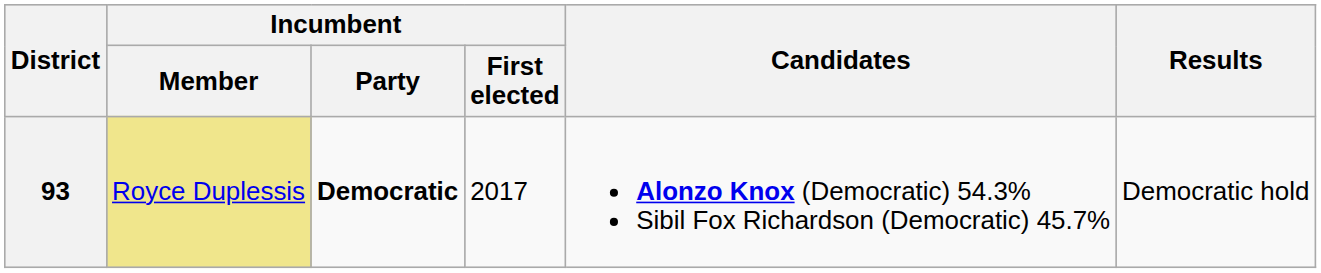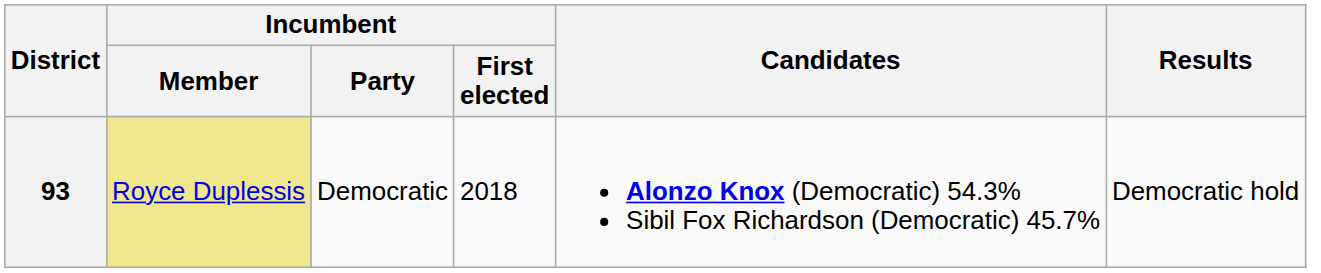 <table class="wikitable sortable">
 <tr>
 <th rowspan="2">District</th>
 <th colspan="3">Incumbent</th>
 <th rowspan="2">Candidates</th>
 <th rowspan="2">Results</th>
 </tr>
 <tr>
 <th>Member</th>
 <th>Party</th>
 <th>First<br> elected</th>
 </tr>
 <tr>
 <th>93</th>
 <td style="background: khaki;"><a href='#'>Royce Duplessis</a></td>
-<td><strong>Democratic</strong></td>
-<td>2017<br></td>
+<td>Democratic</td>
+<td>2018<br></td>
 <td nowrap><br><ul><li> <strong><a href='#'>Alonzo Knox</a></strong> (Democratic) 54.3%</li><li>Sibil Fox Richardson (Democratic) 45.7%</li></ul> </td>
 <td>Democratic hold</td>
 </tr>
 </table>
